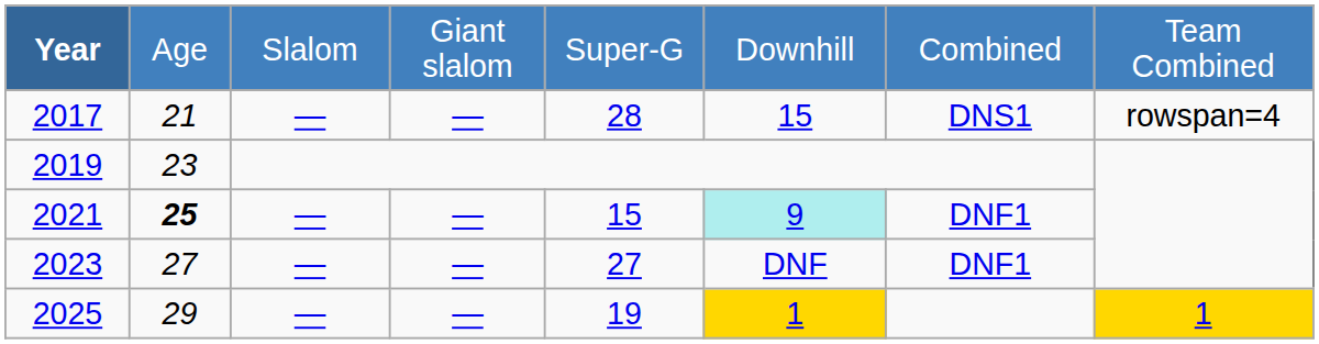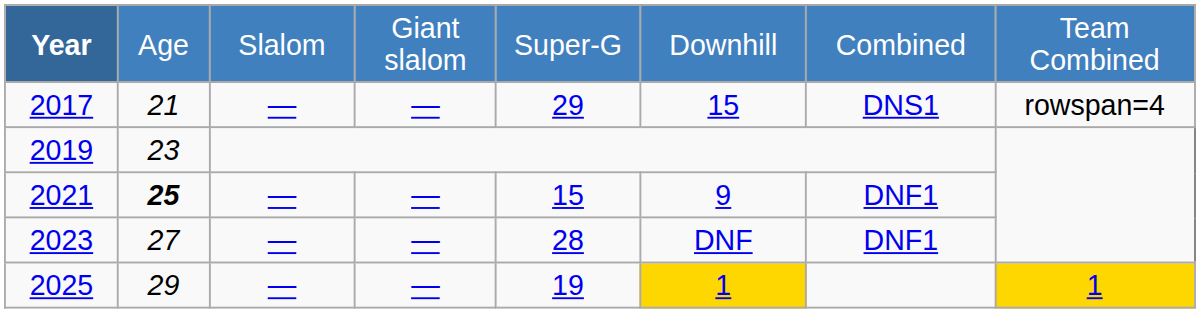 <table class="wikitable" style="font-size:95%; text-align:center; border:grey solid 1px; border-collapse:collapse;" width="40%">
 <tr style="background-color:#369; color:white;">
 <td rowspan="2" colspan="1" width="4%"><strong>Year</strong></td>
 </tr>
 <tr style="background-color:#4180be; color:white;">
 <td width="3%">Age</td>
 <td width="5%">Slalom</td>
 <td width="5%">Giant<br>slalom</td>
 <td width="5%">Super-G</td>
 <td width="5%">Downhill</td>
 <td width="5%">Combined</td>
 <td width="5%">Team Combined</td>
 </tr>
 <tr style="background-color:#8CB2D8; color:white;">
 </tr>
 <tr>
 <td><a href='#'>2017</a></td>
 <td><em>21</em></td>
 <td><a href='#'>—</a></td>
 <td><a href='#'>—</a></td>
-<td><a href='#'>28</a></td>
+<td><a href='#'>29</a></td>
 <td><a href='#'>15</a></td>
 <td><a href='#'>DNS1</a></td>
 <td>rowspan=4</td>
 </tr>
 <tr>
 <td><a href='#'>2019</a></td>
 <td><em>23</em></td>
 <td colspan=5><em></em></td>
 </tr>
 <tr>
 <td><a href='#'>2021</a></td>
 <td><strong><em>25</em></strong></td>
 <td><a href='#'>—</a></td>
 <td><a href='#'>—</a></td>
 <td><a href='#'>15</a></td>
-<td style="background: paleturquoise;"><a href='#'>9</a></td>
+<td><a href='#'>9</a></td>
 <td><a href='#'>DNF1</a></td>
 </tr>
 <tr>
 <td><a href='#'>2023</a></td>
 <td><em>27</em></td>
 <td><a href='#'>—</a></td>
 <td><a href='#'>—</a></td>
-<td><a href='#'>27</a></td>
+<td><a href='#'>28</a></td>
 <td><a href='#'>DNF</a></td>
 <td><a href='#'>DNF1</a></td>
 </tr>
 <tr>
 <td><a href='#'>2025</a></td>
 <td><em>29</em></td>
 <td><a href='#'>—</a></td>
 <td><a href='#'>—</a></td>
 <td><a href='#'>19</a></td>
 <td style="background:gold;"><a href='#'>1</a></td>
 <td></td>
 <td style="background:gold;"><a href='#'>1</a></td>
 </tr>
 </table>
